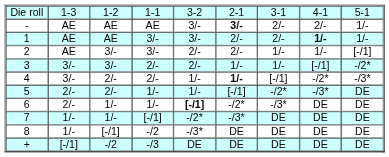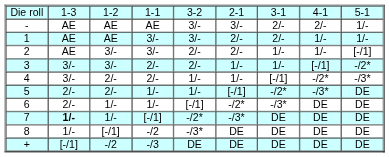 <table border="2" cellspacing="0" cellpadding="0" style="width:36em; text-align:center; table-layout:fixed; float:right; margin:1em;">
 <tr bgcolor="#ccffff">
 <td>Die roll</td>
 <td>1-3</td>
 <td>1-2</td>
 <td>1-1</td>
 <td>3-2</td>
 <td>2-1</td>
 <td>3-1</td>
 <td>4-1</td>
 <td>5-1</td>
 </tr>
 <tr bgcolor="#ffffff">
 <td>-</td>
 <td>AE</td>
 <td>AE</td>
 <td>AE</td>
 <td>3/-</td>
-<td><strong>3/-</strong></td>
+<td>3/-</td>
 <td>2/-</td>
 <td>2/-</td>
 <td>1/-</td>
 </tr>
 <tr bgcolor="#ccffff">
 <td>1</td>
 <td>AE</td>
 <td>AE</td>
 <td>3/-</td>
 <td>3/-</td>
 <td>2/-</td>
 <td>2/-</td>
-<td><strong>1/-</strong></td>
+<td>1/-</td>
 <td>1/-</td>
 </tr>
 <tr bgcolor="#ffffff">
 <td>2</td>
 <td>AE</td>
 <td>3/-</td>
 <td>3/-</td>
 <td>2/-</td>
 <td>2/-</td>
 <td>1/-</td>
 <td>1/-</td>
 <td>[-/1]</td>
 </tr>
 <tr bgcolor="#ccffff">
 <td>3</td>
 <td>3/-</td>
 <td>3/-</td>
 <td>2/-</td>
 <td>2/-</td>
 <td>1/-</td>
 <td>1/-</td>
 <td>[-/1]</td>
 <td>-/2*</td>
 </tr>
 <tr bgcolor="#ffffff">
 <td>4</td>
 <td>3/-</td>
 <td>2/-</td>
 <td>2/-</td>
 <td>1/-</td>
-<td><strong>1/-</strong></td>
+<td>1/-</td>
 <td>[-/1]</td>
 <td>-/2*</td>
 <td>-/3*</td>
 </tr>
 <tr bgcolor="#ccffff">
 <td>5</td>
 <td>2/-</td>
 <td>2/-</td>
 <td>1/-</td>
 <td>1/-</td>
 <td>[-/1]</td>
 <td>-/2*</td>
 <td>-/3*</td>
 <td>DE</td>
 </tr>
 <tr bgcolor="#ffffff">
 <td>6</td>
 <td>2/-</td>
 <td>1/-</td>
 <td>1/-</td>
-<td><strong>[-/1]</strong></td>
+<td>[-/1]</td>
 <td>-/2*</td>
 <td>-/3*</td>
 <td>DE</td>
 <td>DE</td>
 </tr>
 <tr bgcolor="#ccffff">
 <td>7</td>
-<td>1/-</td>
+<td><strong>1/-</strong></td>
 <td>1/-</td>
 <td>[-/1]</td>
 <td>-/2*</td>
 <td>-/3*</td>
 <td>DE</td>
 <td>DE</td>
 <td>DE</td>
 </tr>
 <tr bgcolor="#ffffff">
 <td>8</td>
 <td>1/-</td>
 <td>[-/1]</td>
 <td>-/2</td>
 <td>-/3*</td>
 <td>DE</td>
 <td>DE</td>
 <td>DE</td>
 <td>DE</td>
 </tr>
 <tr bgcolor="#ccffff">
 <td>+</td>
 <td>[-/1]</td>
 <td>-/2</td>
 <td>-/3</td>
 <td>DE</td>
 <td>DE</td>
 <td>DE</td>
 <td>DE</td>
 <td>DE</td>
 </tr>
 </table>
